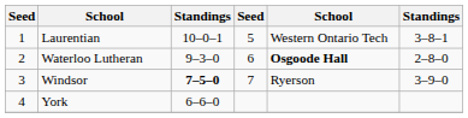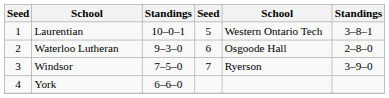 <table class="wikitable">
 <tr>
 <th>Seed</th>
 <th style="width:150px">School</th>
 <th>Standings</th>
 <th>Seed</th>
 <th style="width:150px">School</th>
 <th>Standings</th>
 </tr>
 <tr>
 <td style="text-align:center">1</td>
 <td>Laurentian</td>
 <td style="text-align:center">10–0–1</td>
 <td style="text-align:center">5</td>
 <td>Western Ontario Tech</td>
 <td style="text-align:center">3–8–1</td>
 </tr>
 <tr>
 <td style="text-align:center">2</td>
 <td>Waterloo Lutheran</td>
 <td style="text-align:center">9–3–0</td>
 <td style="text-align:center">6</td>
-<td><strong>Osgoode Hall</strong></td>
+<td>Osgoode Hall</td>
 <td style="text-align:center">2–8–0</td>
 </tr>
 <tr>
 <td style="text-align:center">3</td>
 <td>Windsor</td>
-<td style="text-align:center"><strong>7–5–0</strong></td>
+<td style="text-align:center">7–5–0</td>
 <td style="text-align:center">7</td>
 <td>Ryerson</td>
 <td style="text-align:center">3–9–0</td>
 </tr>
 <tr>
 <td style="text-align:center">4</td>
 <td>York</td>
 <td style="text-align:center">6–6–0</td>
 <td></td>
 <td></td>
 <td></td>
 </tr>
 <tr>
 </tr>
 </table>
